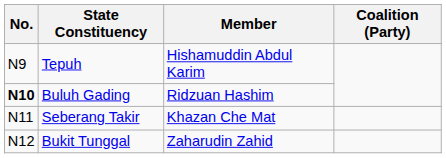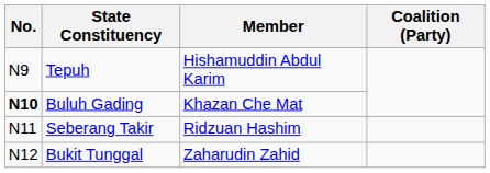 <table class="wikitable">
 <tr>
 <th width="30">No.</th>
 <th width="130">State Constituency</th>
 <th width="180">Member</th>
 <th width="110">Coalition (Party)</th>
 </tr>
 <tr>
 <td>N9</td>
 <td><a href='#'>Tepuh</a></td>
 <td><a href='#'>Hishamuddin Abdul Karim</a></td>
 <td rowspan=2></td>
 </tr>
 <tr>
 <td><strong>N10</strong></td>
 <td><a href='#'>Buluh Gading</a></td>
-<td><a href='#'>Ridzuan Hashim</a></td>
+<td><a href='#'>Khazan Che Mat</a></td>
 </tr>
 <tr>
 <td>N11</td>
 <td><a href='#'>Seberang Takir</a></td>
-<td><a href='#'>Khazan Che Mat</a></td>
+<td><a href='#'>Ridzuan Hashim</a></td>
 <td></td>
 </tr>
 <tr>
 <td>N12</td>
 <td><a href='#'>Bukit Tunggal</a></td>
 <td><a href='#'>Zaharudin Zahid</a></td>
 <td></td>
 </tr>
 </table>
